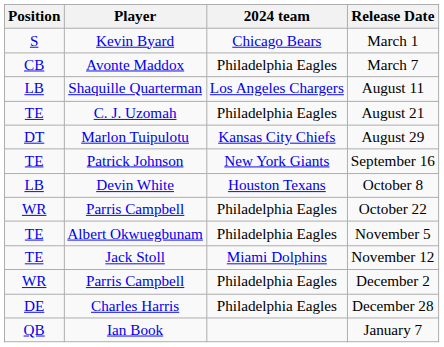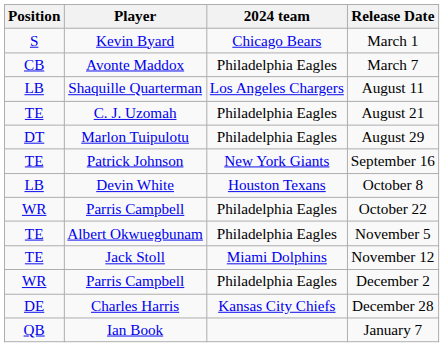 <table class="wikitable" style="text-align:center">
 <tr>
 <th>Position</th>
 <th>Player</th>
 <th>2024 team</th>
 <th>Release Date</th>
 </tr>
 <tr>
 <td><a href='#'>S</a></td>
 <td><a href='#'>Kevin Byard</a></td>
 <td><a href='#'>Chicago Bears</a></td>
 <td>March 1</td>
 </tr>
 <tr>
 <td><a href='#'>CB</a></td>
 <td><a href='#'>Avonte Maddox</a></td>
 <td>Philadelphia Eagles</td>
 <td>March 7</td>
 </tr>
 <tr>
 <td><a href='#'>LB</a></td>
 <td><a href='#'>Shaquille Quarterman</a></td>
 <td><a href='#'>Los Angeles Chargers</a></td>
 <td>August 11</td>
 </tr>
 <tr>
 <td><a href='#'>TE</a></td>
 <td><a href='#'>C. J. Uzomah</a></td>
 <td>Philadelphia Eagles</td>
 <td>August 21</td>
 </tr>
 <tr>
 <td><a href='#'>DT</a></td>
 <td><a href='#'>Marlon Tuipulotu</a></td>
-<td><a href='#'>Kansas City Chiefs</a></td>
+<td>Philadelphia Eagles</td>
 <td>August 29</td>
 </tr>
 <tr>
 <td><a href='#'>TE</a></td>
 <td><a href='#'>Patrick Johnson</a></td>
 <td><a href='#'>New York Giants</a></td>
 <td>September 16</td>
 </tr>
 <tr>
 <td><a href='#'>LB</a></td>
 <td><a href='#'>Devin White</a></td>
 <td><a href='#'>Houston Texans</a></td>
 <td>October 8</td>
 </tr>
 <tr>
 <td><a href='#'>WR</a></td>
 <td><a href='#'>Parris Campbell</a></td>
 <td>Philadelphia Eagles</td>
 <td>October 22</td>
 </tr>
 <tr>
 <td><a href='#'>TE</a></td>
 <td><a href='#'>Albert Okwuegbunam</a></td>
 <td>Philadelphia Eagles</td>
 <td>November 5</td>
 </tr>
 <tr>
 <td><a href='#'>TE</a></td>
 <td><a href='#'>Jack Stoll</a></td>
 <td><a href='#'>Miami Dolphins</a></td>
 <td>November 12</td>
 </tr>
 <tr>
 <td><a href='#'>WR</a></td>
 <td><a href='#'>Parris Campbell</a></td>
 <td>Philadelphia Eagles</td>
 <td>December 2</td>
 </tr>
 <tr>
 <td><a href='#'>DE</a></td>
 <td><a href='#'>Charles Harris</a></td>
-<td>Philadelphia Eagles</td>
+<td><a href='#'>Kansas City Chiefs</a></td>
 <td>December 28</td>
 </tr>
 <tr>
 <td><a href='#'>QB</a></td>
 <td><a href='#'>Ian Book</a></td>
 <td></td>
 <td>January 7</td>
 </tr>
 </table>
